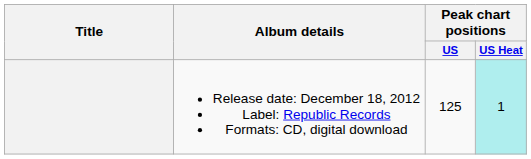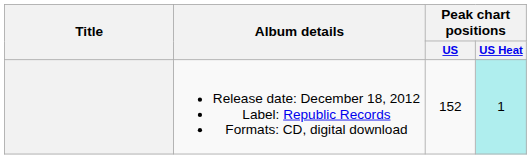 <table class="wikitable plainrowheaders" style="text-align:center;">
 <tr>
 <th rowspan="2" style="width:12em;">Title</th>
 <th rowspan="2" style="width:18em;">Album details</th>
 <th colspan="2">Peak chart<br>positions</th>
 </tr>
 <tr style="font-size:smaller;">
 <th style="width:4em;"><a href='#'>US</a><br></th>
 <th style="width:4em;"><a href='#'>US Heat</a><br></th>
 </tr>
 <tr>
 <th scope="row"></th>
 <td><br><ul><li>Release date: December 18, 2012</li><li>Label: <a href='#'>Republic Records</a></li><li>Formats: CD, digital download</li></ul></td>
-<td>125</td>
+<td>152</td>
 <td style="background: paleturquoise;">1</td>
 </tr>
 </table>
